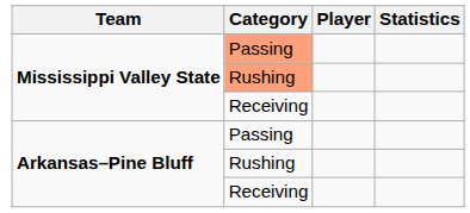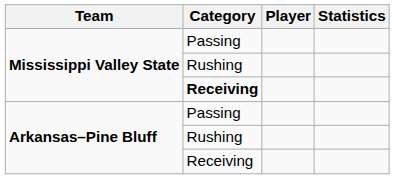 <table class="wikitable" style="float: right;">
 <tr>
 <th>Team</th>
 <th>Category</th>
 <th>Player</th>
 <th>Statistics</th>
 </tr>
 <tr>
 <td rowspan=3><strong>Mississippi Valley State</strong></td>
-<td style="background: lightsalmon;">Passing</td>
+<td>Passing</td>
 <td></td>
 <td></td>
 </tr>
 <tr>
-<td style="background: lightsalmon;">Rushing</td>
+<td>Rushing</td>
 <td></td>
 <td></td>
 </tr>
 <tr>
-<td>Receiving</td>
+<td><strong>Receiving</strong></td>
 <td></td>
 <td></td>
 </tr>
 <tr>
 <td rowspan=3><strong>Arkansas–Pine Bluff</strong></td>
 <td>Passing</td>
 <td></td>
 <td></td>
 </tr>
 <tr>
 <td>Rushing</td>
 <td></td>
 <td></td>
 </tr>
 <tr>
 <td>Receiving</td>
 <td></td>
 <td></td>
 </tr>
 </table>
